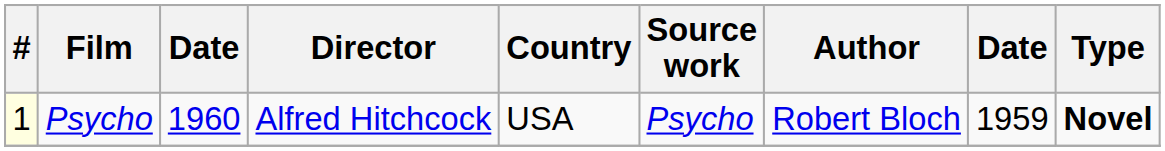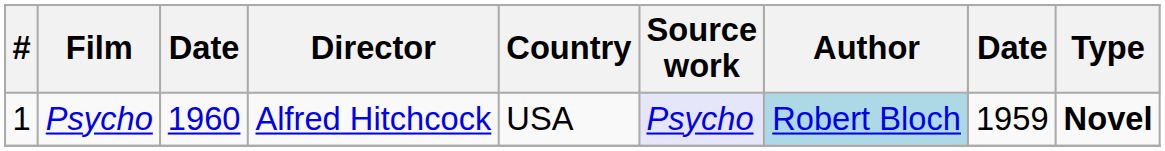 <table class="wikitable">
 <tr>
 <th>#</th>
 <th>Film</th>
 <th>Date</th>
 <th>Director</th>
 <th>Country</th>
 <th>Source<br>work</th>
 <th>Author</th>
 <th>Date</th>
 <th>Type</th>
 </tr>
 <tr>
-<td style="background: lightyellow;">1</td>
+<td>1</td>
 <td><em><a href='#'>Psycho</a></em></td>
 <td><a href='#'>1960</a></td>
 <td><a href='#'>Alfred Hitchcock</a></td>
 <td>USA</td>
-<td><em><a href='#'>Psycho</a></em></td>
-<td><a href='#'>Robert Bloch</a></td>
+<td style="background: lavender;"><em><a href='#'>Psycho</a></em></td>
+<td style="background: lightblue;"><a href='#'>Robert Bloch</a></td>
 <td>1959</td>
 <td><strong>Novel</strong></td>
 </tr>
 <tr>
 </tr>
 </table>
